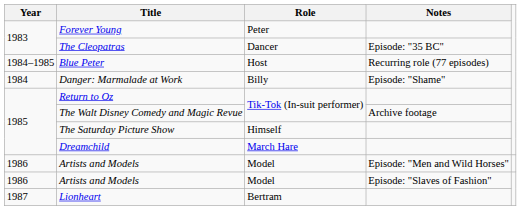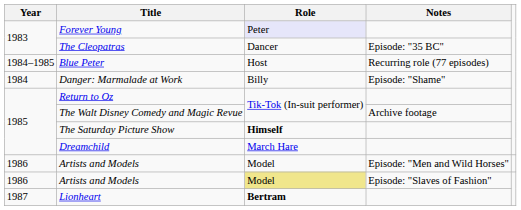 <table class="wikitable sortable">
 <tr>
 <th>Year</th>
 <th>Title</th>
 <th>Role</th>
 <th class="unsortable">Notes</th>
 </tr>
 <tr>
 <td rowspan="2">1983</td>
 <td><em><a href='#'>Forever Young</a></em></td>
-<td>Peter</td>
+<td style="background: lavender;">Peter</td>
 <td></td>
 </tr>
 <tr>
 <td><em><a href='#'>The Cleopatras</a></em></td>
 <td>Dancer</td>
 <td>Episode: "35 BC"</td>
 </tr>
 <tr>
 <td>1984–1985</td>
 <td><em><a href='#'>Blue Peter</a></em></td>
 <td>Host</td>
 <td>Recurring role (77 episodes)</td>
 </tr>
 <tr>
 <td>1984</td>
 <td><em>Danger: Marmalade at Work</em></td>
 <td>Billy</td>
 <td>Episode: "Shame"</td>
 </tr>
 <tr>
 <td rowspan="4">1985</td>
 <td><em><a href='#'>Return to Oz</a></em></td>
 <td rowspan="2"><a href='#'>Tik-Tok</a> (In-suit performer)</td>
 <td></td>
 </tr>
 <tr>
 <td><em>The Walt Disney Comedy and Magic Revue</em></td>
 <td>Archive footage</td>
 </tr>
 <tr>
 <td><em>The Saturday Picture Show</em></td>
-<td>Himself</td>
+<td><strong>Himself</strong></td>
 <td></td>
 </tr>
 <tr>
 <td><em><a href='#'>Dreamchild</a></em></td>
 <td><a href='#'>March Hare</a></td>
 <td></td>
 </tr>
 <tr>
 <td>1986</td>
 <td><em>Artists and Models</em></td>
 <td>Model</td>
 <td>Episode: "Men and Wild Horses"</td>
 <td></td>
 </tr>
 <tr>
 <td>1986</td>
 <td><em>Artists and Models</em></td>
-<td>Model</td>
+<td style="background: khaki;">Model</td>
 <td>Episode: "Slaves of Fashion"</td>
 </tr>
 <tr>
 <td>1987</td>
 <td><em><a href='#'>Lionheart</a></em></td>
-<td>Bertram</td>
+<td><strong>Bertram</strong></td>
 <td></td>
 </tr>
 </table>
